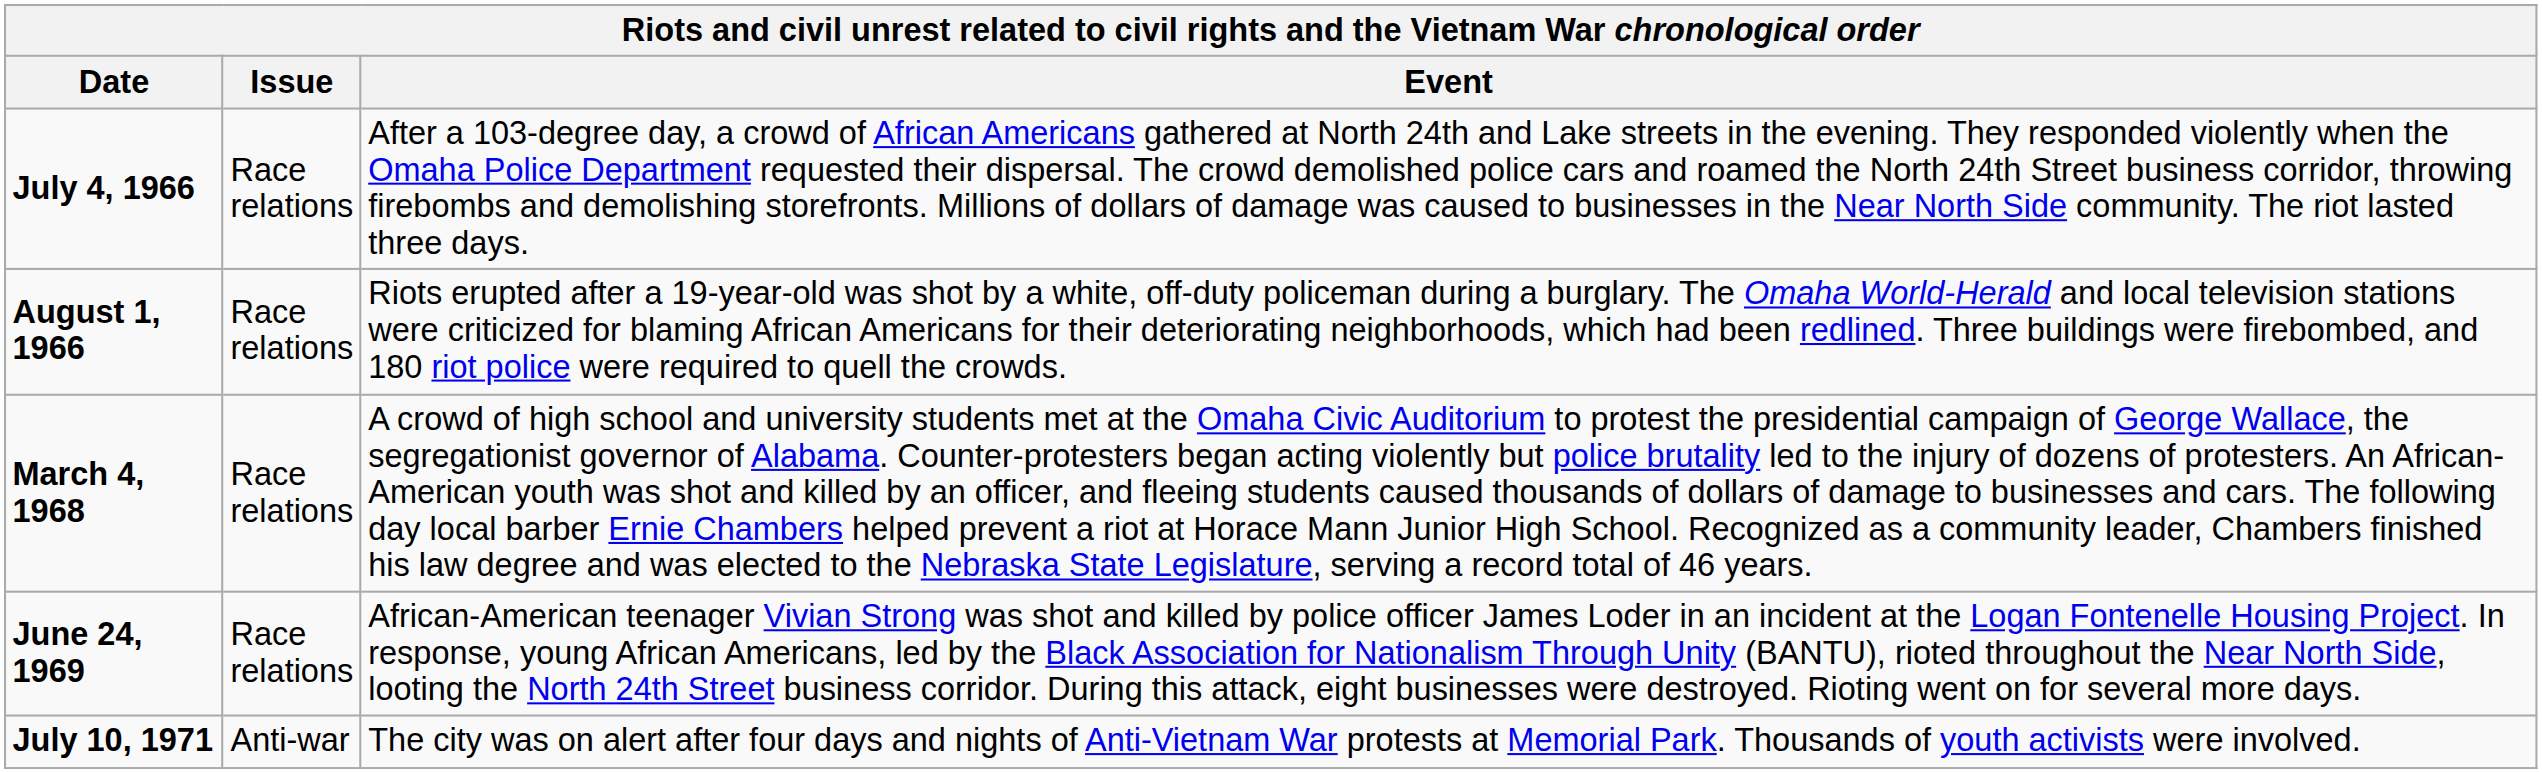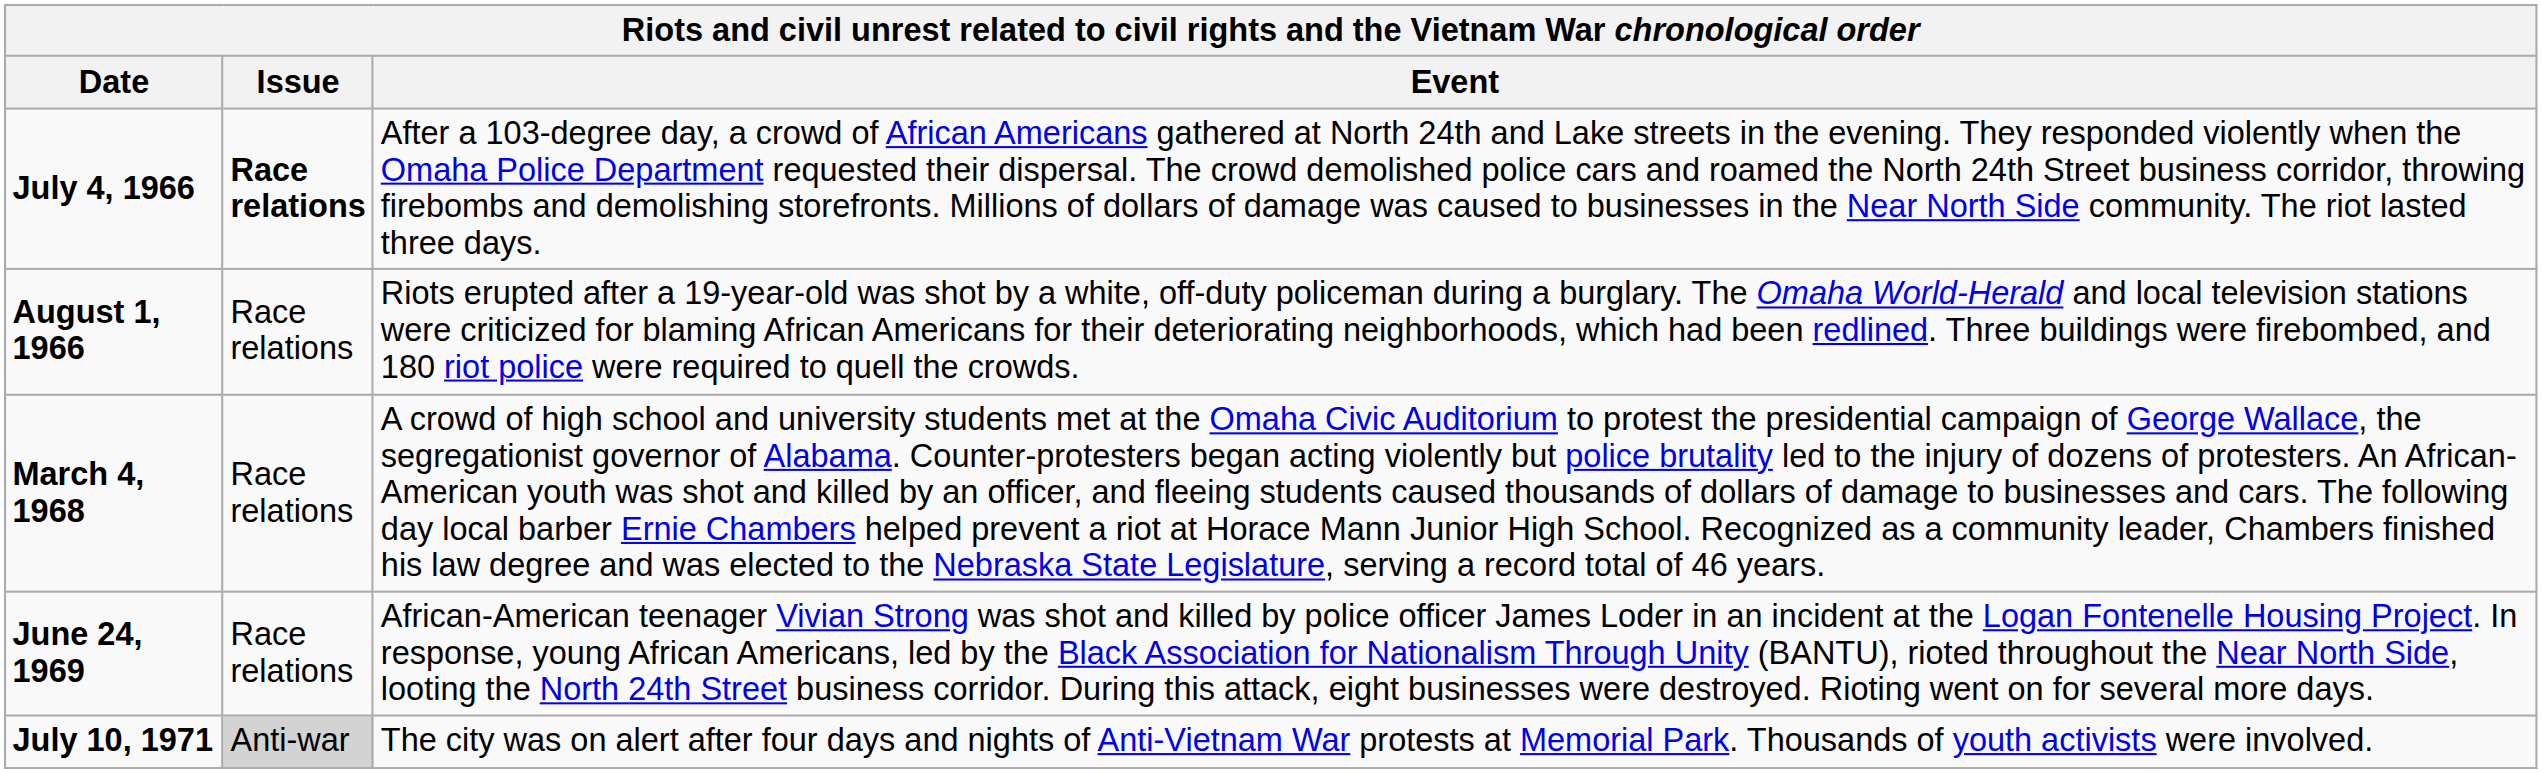 <table class="wikitable">
 <tr>
 <th align="center" colspan="6"><strong>Riots and civil unrest related to civil rights and the Vietnam War</strong> <em>chronological order</em></th>
 </tr>
 <tr>
 <th scope="col" width="100">Date</th>
 <th scope="col" width="50">Issue</th>
 <th scope="col">Event</th>
 </tr>
 <tr>
 <td><strong>July 4, 1966</strong></td>
-<td>Race relations</td>
+<td><strong>Race relations</strong></td>
 <td>After a 103-degree day, a crowd of <a href='#'>African Americans</a> gathered at North 24th and Lake streets in the evening. They responded violently when the <a href='#'>Omaha Police Department</a> requested their dispersal. The crowd demolished police cars and roamed the North 24th Street business corridor, throwing firebombs and demolishing storefronts. Millions of dollars of damage was caused to businesses in the <a href='#'>Near North Side</a> community. The riot lasted three days.</td>
 </tr>
 <tr>
 <td><strong>August 1, 1966</strong></td>
 <td>Race relations</td>
 <td>Riots erupted after a 19-year-old was shot by a white, off-duty policeman during a burglary. The <em><a href='#'>Omaha World-Herald</a></em> and local television stations were criticized for blaming African Americans for their deteriorating neighborhoods, which had been <a href='#'>redlined</a>. Three buildings were firebombed, and 180 <a href='#'>riot police</a> were required to quell the crowds.</td>
 </tr>
 <tr>
 <td><strong>March 4, 1968</strong></td>
 <td>Race relations</td>
 <td>A crowd of high school and university students met at the <a href='#'>Omaha Civic Auditorium</a> to protest the presidential campaign of <a href='#'>George Wallace</a>, the segregationist governor of <a href='#'>Alabama</a>. Counter-protesters began acting violently but <a href='#'>police brutality</a> led to the injury of dozens of protesters. An African-American youth was shot and killed by an officer, and fleeing students caused thousands of dollars of damage to businesses and cars. The following day local barber <a href='#'>Ernie Chambers</a> helped prevent a riot at Horace Mann Junior High School. Recognized as a community leader, Chambers finished his law degree and was elected to the <a href='#'>Nebraska State Legislature</a>, serving a record total of 46 years.</td>
 </tr>
 <tr>
 <td><strong>June 24, 1969</strong></td>
 <td>Race relations</td>
 <td>African-American teenager <a href='#'>Vivian Strong</a> was shot and killed by police officer James Loder in an incident at the <a href='#'>Logan Fontenelle Housing Project</a>. In response, young African Americans, led by the <a href='#'>Black Association for Nationalism Through Unity</a> (BANTU), rioted throughout the <a href='#'>Near North Side</a>, looting the <a href='#'>North 24th Street</a> business corridor. During this attack, eight businesses were destroyed. Rioting went on for several more days.</td>
 </tr>
 <tr>
 <td><strong>July 10, 1971</strong></td>
-<td>Anti-war</td>
+<td style="background: lightgrey;">Anti-war</td>
 <td>The city was on alert after four days and nights of <a href='#'>Anti-Vietnam War</a> protests at <a href='#'>Memorial Park</a>. Thousands of <a href='#'>youth activists</a> were involved.</td>
 </tr>
 <tr>
 </tr>
 </table>
